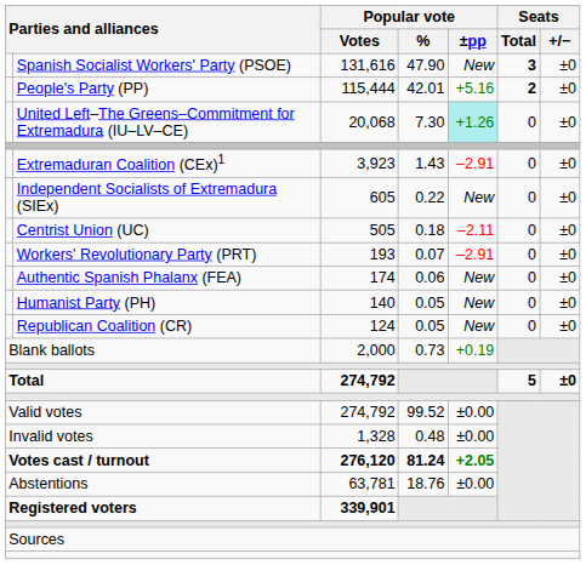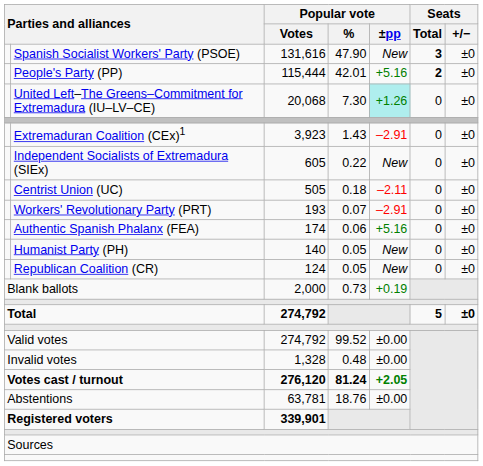 <table class="wikitable" style="text-align:right;">
 <tr>
 <th style="text-align:left;" rowspan="2" colspan="2" width="525">Parties and alliances</th>
 <th colspan="3">Popular vote</th>
 <th colspan="2">Seats</th>
 </tr>
 <tr>
 <th width="75">Votes</th>
 <th width="45">%</th>
 <th width="45">±<a href='#'>pp</a></th>
 <th width="35">Total</th>
 <th width="35">+/−</th>
 </tr>
 <tr>
 <td width="1" style="color:inherit;background:"></td>
 <td align="left"><a href='#'>Spanish Socialist Workers' Party</a> (PSOE)</td>
 <td>131,616</td>
 <td>47.90</td>
 <td><em>New</em></td>
 <td><strong>3</strong></td>
 <td>±0</td>
 </tr>
 <tr>
 <td style="color:inherit;background:"></td>
 <td align="left"><a href='#'>People's Party</a> (PP)</td>
 <td>115,444</td>
 <td>42.01</td>
 <td style="color:green;">+5.16</td>
 <td><strong>2</strong></td>
 <td>±0</td>
 </tr>
 <tr>
 <td style="color:inherit;background:"></td>
 <td align="left"><a href='#'>United Left</a>–<a href='#'>The Greens–Commitment for Extremadura</a> (IU–LV–CE)</td>
 <td>20,068</td>
 <td>7.30</td>
 <td style="background: paleturquoise; color:green;">+1.26</td>
 <td>0</td>
 <td>±0</td>
 </tr>
 <tr>
 <td colspan="7" bgcolor="#C0C0C0"></td>
 </tr>
 <tr>
 <td style="color:inherit;background:"></td>
 <td align="left"><a href='#'>Extremaduran Coalition</a> (CEx)<sup>1</sup></td>
 <td>3,923</td>
 <td>1.43</td>
 <td style="color:red;">–2.91</td>
 <td>0</td>
 <td>±0</td>
 </tr>
 <tr>
 <td style="color:inherit;background:"></td>
 <td align="left"><a href='#'>Independent Socialists of Extremadura</a> (SIEx)</td>
 <td>605</td>
 <td>0.22</td>
 <td><em>New</em></td>
 <td>0</td>
 <td>±0</td>
 </tr>
 <tr>
 <td style="color:inherit;background:"></td>
 <td align="left"><a href='#'>Centrist Union</a> (UC)</td>
 <td>505</td>
 <td>0.18</td>
 <td style="color:red;">–2.11</td>
 <td>0</td>
 <td>±0</td>
 </tr>
 <tr>
 <td style="color:inherit;background:"></td>
 <td align="left"><a href='#'>Workers' Revolutionary Party</a> (PRT)</td>
 <td>193</td>
 <td>0.07</td>
 <td style="color:red;">–2.91</td>
 <td>0</td>
 <td>±0</td>
 </tr>
 <tr>
 <td style="color:inherit;background:"></td>
 <td align="left"><a href='#'>Authentic Spanish Phalanx</a> (FEA)</td>
 <td>174</td>
 <td>0.06</td>
-<td><em>New</em></td>
+<td style="color:green;">+5.16</td>
 <td>0</td>
 <td>±0</td>
 </tr>
 <tr>
 <td style="color:inherit;background:"></td>
 <td align="left"><a href='#'>Humanist Party</a> (PH)</td>
 <td>140</td>
 <td>0.05</td>
 <td><em>New</em></td>
 <td>0</td>
 <td>±0</td>
 </tr>
 <tr>
 <td style="color:inherit;background:"></td>
 <td align="left"><a href='#'>Republican Coalition</a> (CR)</td>
 <td>124</td>
 <td>0.05</td>
 <td><em>New</em></td>
 <td>0</td>
 <td>±0</td>
 </tr>
 <tr>
 <td align="left" colspan="2">Blank ballots</td>
 <td>2,000</td>
 <td>0.73</td>
 <td style="color:green;">+0.19</td>
 <td bgcolor="#E9E9E9" colspan="2"></td>
 </tr>
 <tr>
 <td colspan="7" bgcolor="#E9E9E9"></td>
 </tr>
 <tr style="font-weight:bold;">
 <td align="left" colspan="2">Total</td>
 <td>274,792</td>
 <td bgcolor="#E9E9E9" colspan="2"></td>
 <td>5</td>
 <td>±0</td>
 </tr>
 <tr>
 <td colspan="7" bgcolor="#E9E9E9"></td>
 </tr>
 <tr>
 <td align="left" colspan="2">Valid votes</td>
 <td>274,792</td>
 <td>99.52</td>
 <td>±0.00</td>
 <td bgcolor="#E9E9E9" colspan="2" rowspan="5"></td>
 </tr>
 <tr>
 <td align="left" colspan="2">Invalid votes</td>
 <td>1,328</td>
 <td>0.48</td>
 <td>±0.00</td>
 </tr>
 <tr style="font-weight:bold;">
 <td align="left" colspan="2">Votes cast / turnout</td>
 <td>276,120</td>
 <td>81.24</td>
 <td style="color:green;">+2.05</td>
 </tr>
 <tr>
 <td align="left" colspan="2">Abstentions</td>
 <td>63,781</td>
 <td>18.76</td>
 <td>±0.00</td>
 </tr>
 <tr style="font-weight:bold;">
 <td align="left" colspan="2">Registered voters</td>
 <td>339,901</td>
 <td bgcolor="#E9E9E9" colspan="2"></td>
 </tr>
 <tr>
 <td colspan="7" bgcolor="#E9E9E9"></td>
 </tr>
 <tr>
 <td align="left" colspan="7">Sources</td>
 </tr>
 <tr>
 <td colspan="7" style="text-align:left; max-width:790px;"></td>
 </tr>
 </table>
